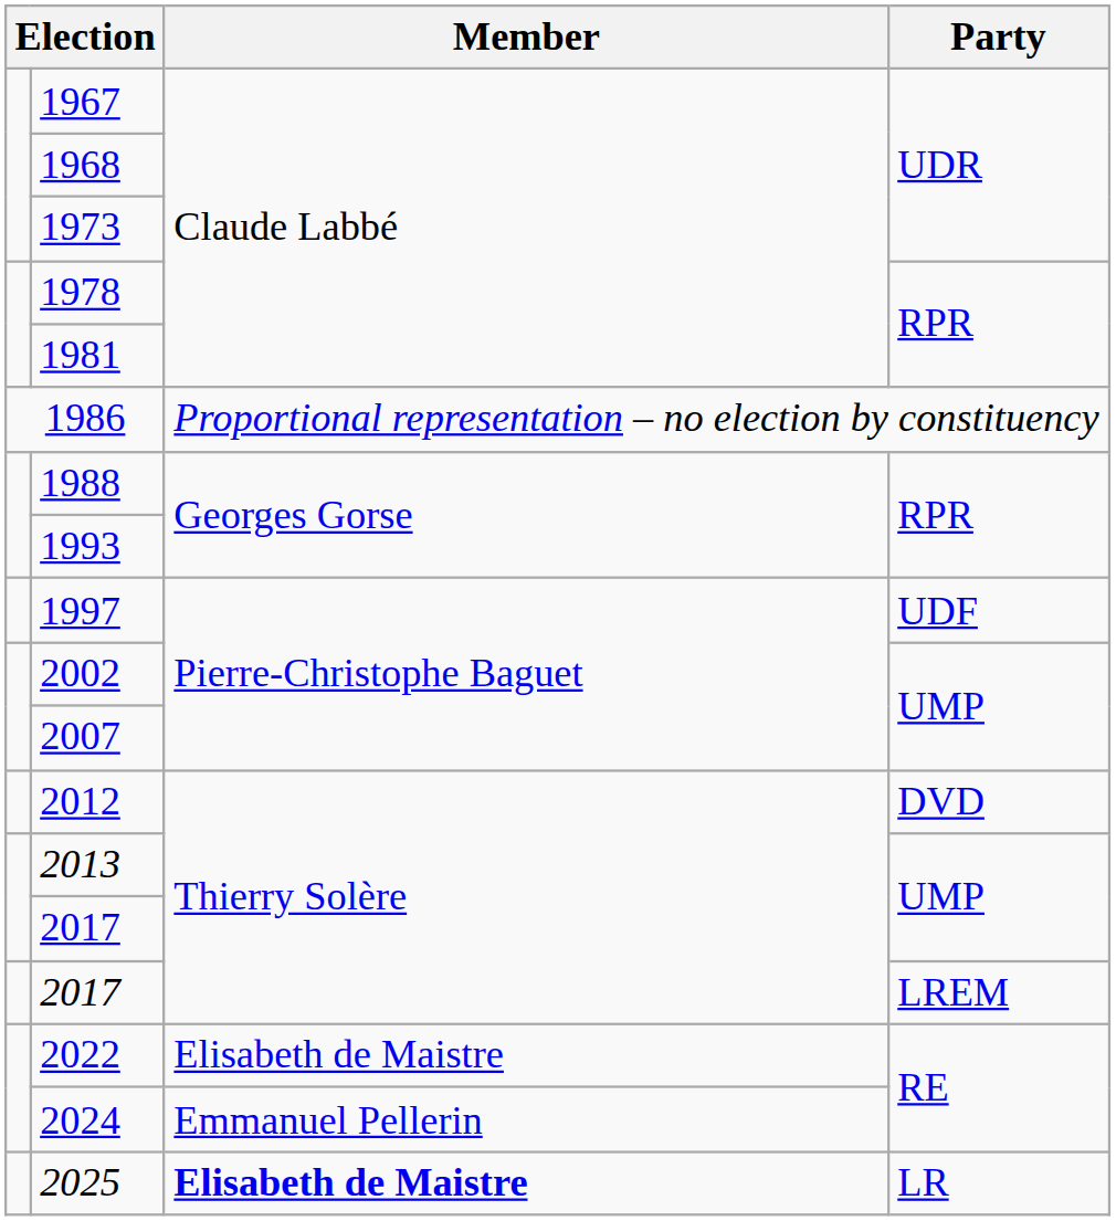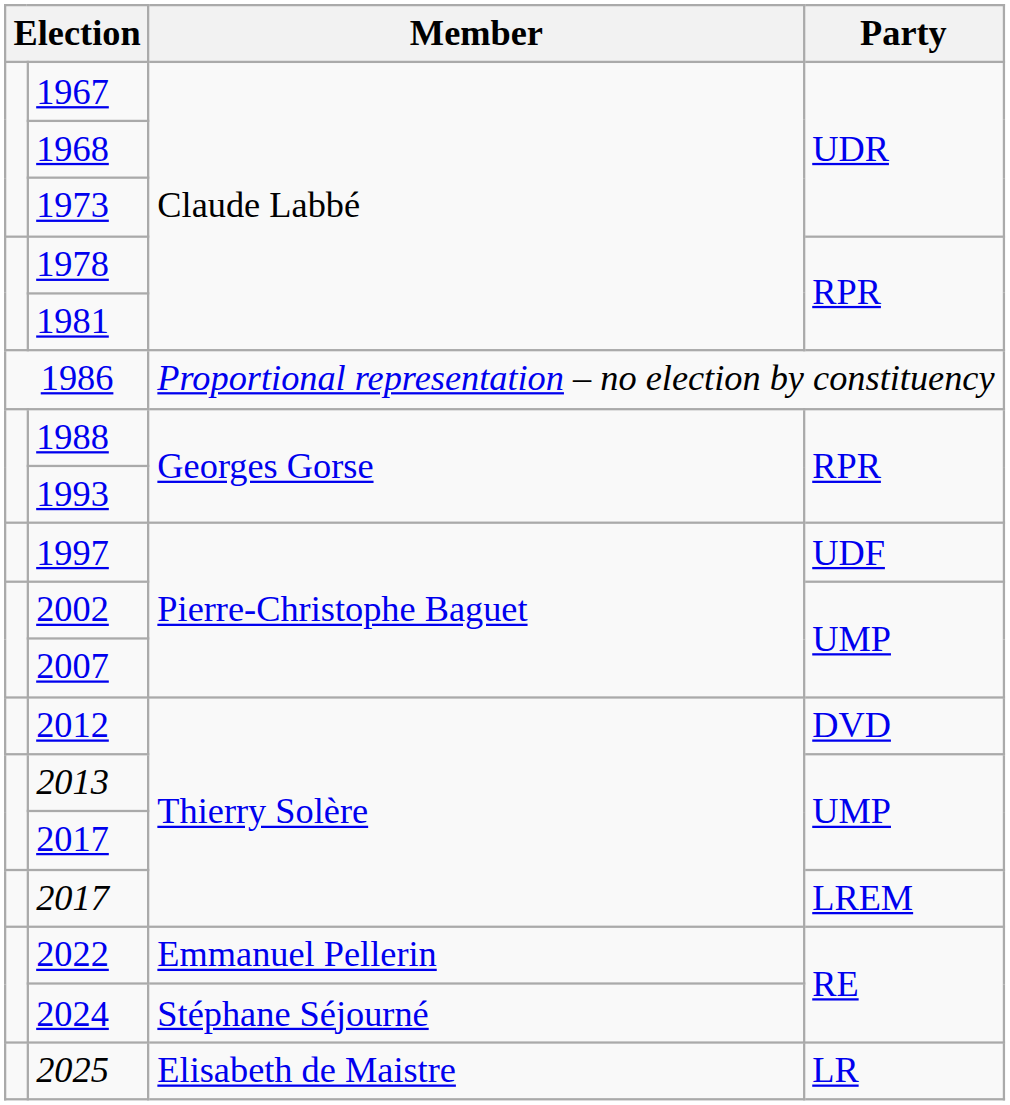 <table class="wikitable">
 <tr>
 <th colspan="2">Election</th>
 <th>Member</th>
 <th>Party</th>
 </tr>
 <tr>
 <td rowspan="3" style="color:inherit;background-color: "></td>
 <td><a href='#'>1967</a></td>
 <td rowspan="5">Claude Labbé</td>
 <td rowspan="3"><a href='#'>UDR</a></td>
 </tr>
 <tr>
 <td><a href='#'>1968</a></td>
 </tr>
 <tr>
 <td><a href='#'>1973</a></td>
 </tr>
 <tr>
 <td rowspan="2" style="color:inherit;background-color: "></td>
 <td><a href='#'>1978</a></td>
 <td rowspan="2"><a href='#'>RPR</a></td>
 </tr>
 <tr>
 <td><a href='#'>1981</a></td>
 </tr>
 <tr>
 <td colspan="2" align="center"><a href='#'>1986</a></td>
 <td colspan="2"><em><a href='#'>Proportional representation</a> – no election by constituency</em></td>
 </tr>
 <tr>
 <td rowspan="2" style="color:inherit;background-color: "></td>
 <td><a href='#'>1988</a></td>
 <td rowspan="2"><a href='#'>Georges Gorse</a></td>
 <td rowspan="2"><a href='#'>RPR</a></td>
 </tr>
 <tr>
 <td><a href='#'>1993</a></td>
 </tr>
 <tr>
 <td style="color:inherit;background-color: "></td>
 <td><a href='#'>1997</a></td>
 <td rowspan="3"><a href='#'>Pierre-Christophe Baguet</a></td>
 <td><a href='#'>UDF</a></td>
 </tr>
 <tr>
 <td rowspan="2" style="color:inherit;background-color: "></td>
 <td><a href='#'>2002</a></td>
 <td rowspan="2"><a href='#'>UMP</a></td>
 </tr>
 <tr>
 <td><a href='#'>2007</a></td>
 </tr>
 <tr>
 <td style="color:inherit;background-color: "></td>
 <td><a href='#'>2012</a></td>
 <td rowspan="4"><a href='#'>Thierry Solère</a></td>
 <td><a href='#'>DVD</a></td>
 </tr>
 <tr>
 <td rowspan="2" style="color:inherit;background-color: "></td>
 <td><em>2013</em></td>
 <td rowspan="2"><a href='#'>UMP</a></td>
 </tr>
 <tr>
 <td><a href='#'>2017</a></td>
 </tr>
 <tr>
 <td style="color:inherit;background-color: "></td>
 <td><em>2017</em></td>
 <td><a href='#'>LREM</a></td>
 </tr>
 <tr>
 <td rowspan="2" style="color:inherit;background-color: "></td>
 <td><a href='#'>2022</a></td>
-<td><a href='#'>Elisabeth de Maistre</a></td>
+<td><a href='#'>Emmanuel Pellerin</a></td>
 <td rowspan="2"><a href='#'>RE</a></td>
 </tr>
 <tr>
 <td><a href='#'>2024</a></td>
-<td><a href='#'>Emmanuel Pellerin</a></td>
+<td><a href='#'>Stéphane Séjourné</a></td>
 </tr>
 <tr>
 <td style="color:inherit;background-color: "></td>
 <td><em>2025</em></td>
-<td><strong><a href='#'>Elisabeth de Maistre</a></strong></td>
+<td><a href='#'>Elisabeth de Maistre</a></td>
 <td><a href='#'>LR</a></td>
 </tr>
 </table>
